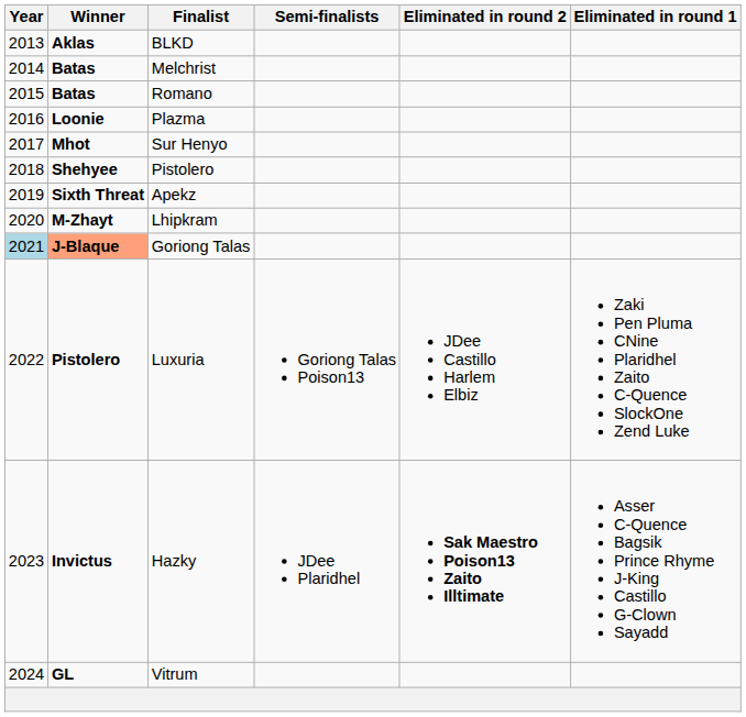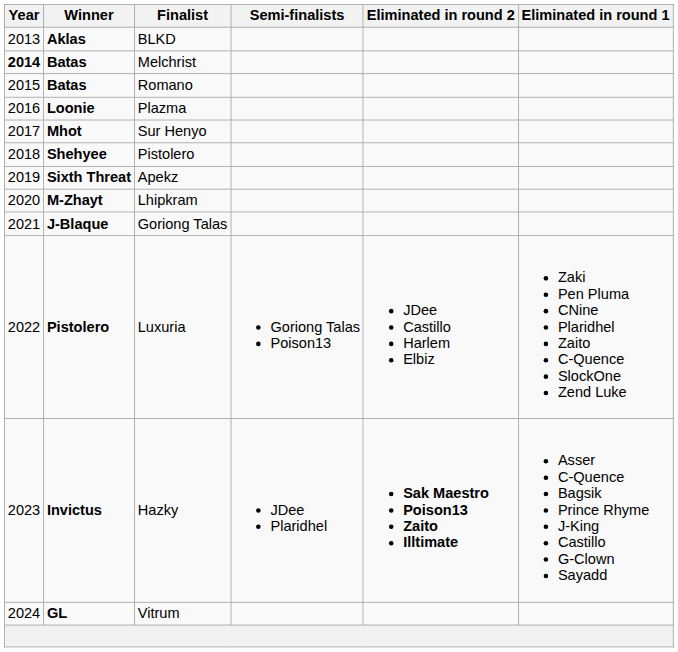 <table class="wikitable plainrowheaders sortable mw-datatable">
 <tr>
 <th scope="col">Year</th>
 <th scope="col">Winner</th>
 <th scope="col">Finalist</th>
 <th scope="col" class="unsortable">Semi-finalists</th>
 <th scope="col" class="unsortable">Eliminated in round 2</th>
 <th scope="col" class="unsortable">Eliminated in round 1</th>
 </tr>
 <tr>
 <td scope="row">2013</td>
 <td><strong>Aklas</strong></td>
 <td>BLKD</td>
 <td></td>
 <td></td>
 <td></td>
 </tr>
 <tr>
-<td scope="row">2014</td>
+<td scope="row"><strong>2014</strong></td>
 <td><strong>Batas</strong></td>
 <td>Melchrist</td>
 <td></td>
 <td></td>
 <td></td>
 </tr>
 <tr>
 <td scope="row">2015</td>
 <td><strong>Batas</strong></td>
 <td>Romano</td>
 <td></td>
 <td></td>
 <td></td>
 </tr>
 <tr>
 <td scope="row">2016</td>
 <td><strong>Loonie</strong></td>
 <td>Plazma</td>
 <td></td>
 <td></td>
 <td></td>
 </tr>
 <tr>
 <td scope="row">2017</td>
 <td><strong>Mhot</strong></td>
 <td>Sur Henyo</td>
 <td></td>
 <td></td>
 <td></td>
 </tr>
 <tr>
 <td scope="row">2018</td>
 <td><strong>Shehyee</strong></td>
 <td>Pistolero</td>
 <td></td>
 <td></td>
 <td></td>
 </tr>
 <tr>
 <td scope="row">2019</td>
 <td><strong>Sixth Threat</strong></td>
 <td>Apekz</td>
 <td></td>
 <td></td>
 <td></td>
 </tr>
 <tr>
 <td scope="row">2020</td>
 <td><strong>M-Zhayt</strong></td>
 <td>Lhipkram</td>
 <td></td>
 <td></td>
 <td></td>
 </tr>
 <tr>
-<td scope="row" style="background: lightblue;">2021</td>
-<td style="background: lightsalmon;"><strong>J-Blaque</strong></td>
+<td scope="row">2021</td>
+<td><strong>J-Blaque</strong></td>
 <td>Goriong Talas</td>
 <td></td>
 <td></td>
 <td></td>
 </tr>
 <tr>
 <td scope="row">2022</td>
 <td><strong>Pistolero</strong></td>
 <td>Luxuria</td>
 <td><br><ul><li>Goriong Talas</li><li>Poison13</li></ul></td>
 <td><br><ul><li>JDee</li><li>Castillo</li><li>Harlem</li><li>Elbiz</li></ul></td>
 <td><br><ul><li>Zaki</li><li>Pen Pluma</li><li>CNine</li><li>Plaridhel</li><li>Zaito</li><li>C-Quence</li><li>SlockOne</li><li>Zend Luke</li></ul></td>
 </tr>
 <tr>
 <td>2023</td>
 <td><strong>Invictus</strong></td>
 <td>Hazky</td>
 <td><br><ul><li>JDee</li><li>Plaridhel</li></ul></td>
 <td><strong><br><ul><li>Sak Maestro</li><li>Poison13</li><li>Zaito</li><li>Illtimate</li></ul></strong></td>
 <td><br><ul><li>Asser</li><li>C-Quence</li><li>Bagsik</li><li>Prince Rhyme</li><li>J-King</li><li>Castillo</li><li>G-Clown</li><li>Sayadd</li></ul></td>
 </tr>
 <tr>
 <td scope="row">2024</td>
 <td><strong>GL</strong></td>
 <td>Vitrum</td>
 <td></td>
 <td></td>
 <td></td>
 </tr>
 <tr class="sortbottom" style="font-size:95%;">
 <th scope="row" colspan="6"><br></th>
 </tr>
 </table>
